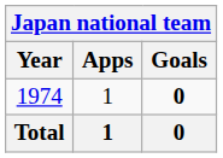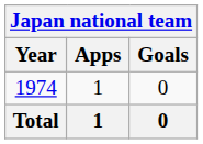 <table class="wikitable" style="text-align:center">
 <tr>
 <th colspan=3><a href='#'>Japan national team</a></th>
 </tr>
 <tr>
 <th>Year</th>
 <th>Apps</th>
 <th>Goals</th>
 </tr>
 <tr>
 <td><a href='#'>1974</a></td>
 <td>1</td>
-<td><strong>0</strong></td>
+<td>0</td>
 </tr>
 <tr>
 <th>Total</th>
 <th>1</th>
 <th>0</th>
 </tr>
 </table>
